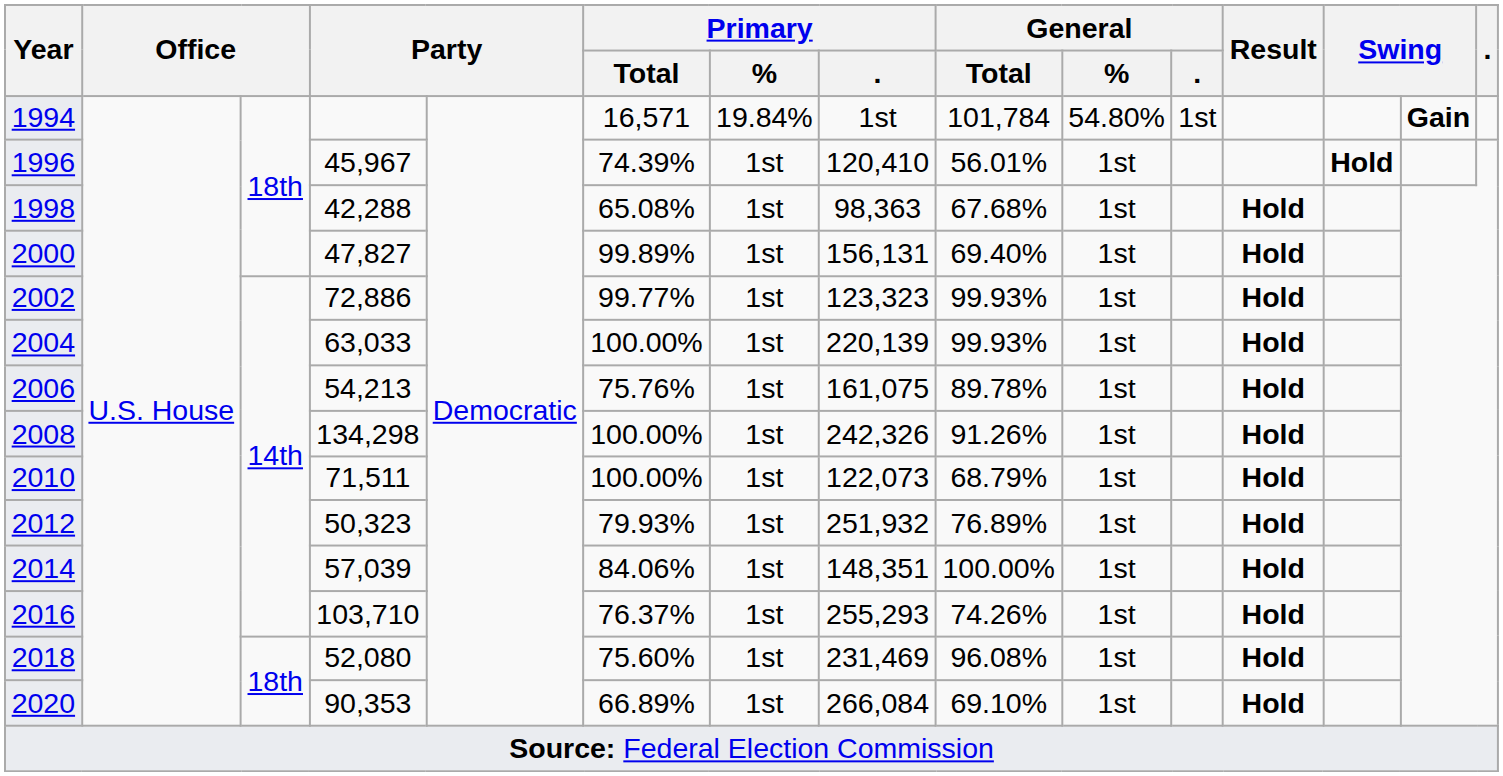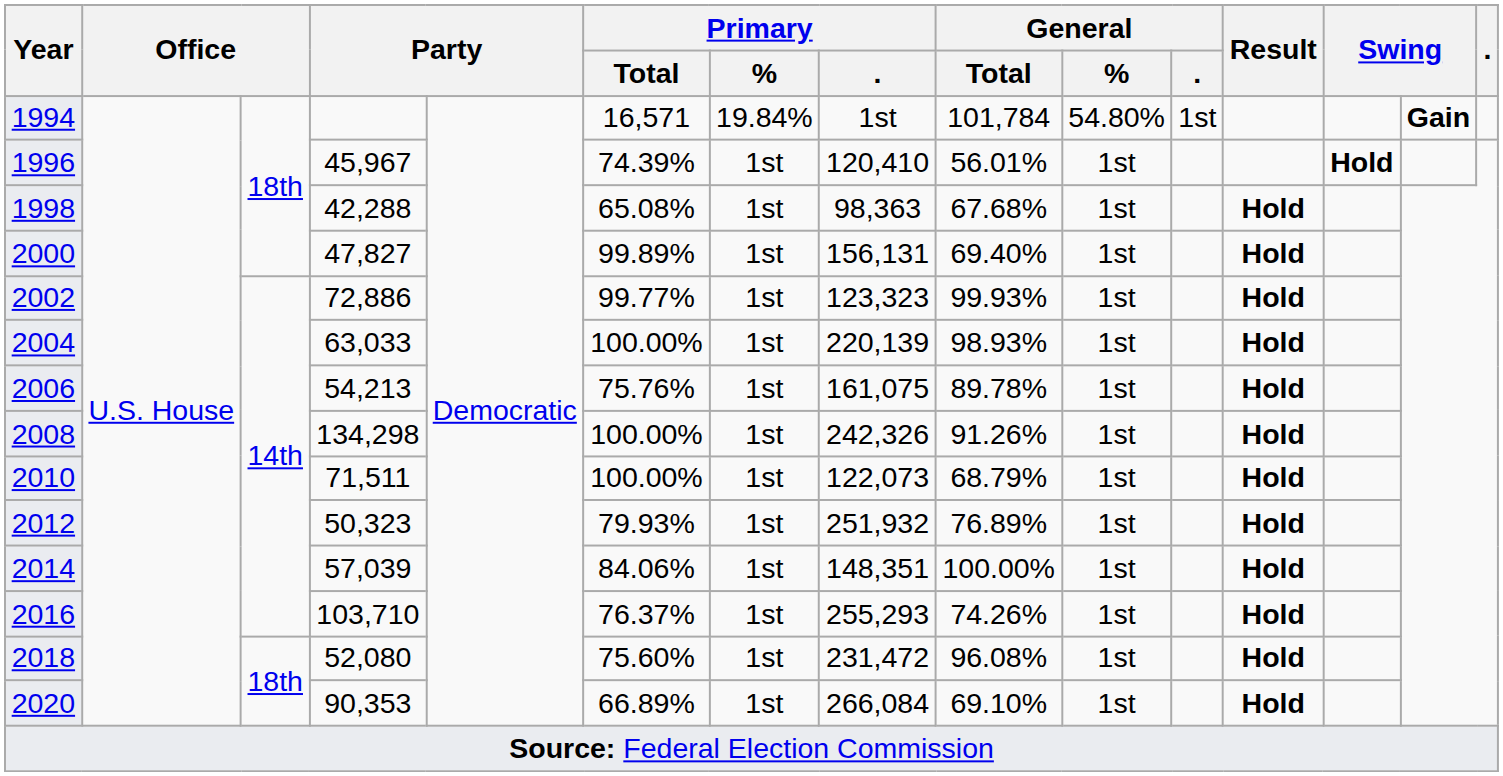 <table class="wikitable" style="font-size: 90%; text-align:center;">
 <tr>
 <th rowspan=2>Year</th>
 <th colspan=2 rowspan=2>Office</th>
 <th colspan=2 rowspan=2>Party</th>
 <th colspan=3><a href='#'>Primary</a></th>
 <th colspan=3>General</th>
 <th rowspan=2>Result</th>
 <th colspan=2 rowspan=2><a href='#'>Swing</a></th>
 <th rowspan=2>.</th>
 </tr>
 <tr>
 <th>Total</th>
 <th>%</th>
 <th>.</th>
 <th>Total</th>
 <th>%</th>
 <th>.</th>
 </tr>
 <tr>
 <td style="background-color:#EAECF0;"><a href='#'>1994</a></td>
 <td rowspan=14><a href='#'>U.S. House</a></td>
 <td rowspan=4><a href='#'>18th</a></td>
 <td style="background-color:"></td>
 <td rowspan=14><a href='#'>Democratic</a></td>
 <td>16,571</td>
 <td>19.84%</td>
 <td>1st</td>
 <td>101,784</td>
 <td>54.80%</td>
 <td>1st</td>
 <td></td>
 <td style="background-color:"></td>
 <td><strong>Gain</strong></td>
 <td></td>
 </tr>
 <tr>
 <td style="background-color:#EAECF0;"><a href='#'>1996</a></td>
 <td>45,967</td>
 <td>74.39%</td>
 <td>1st</td>
 <td>120,410</td>
 <td>56.01%</td>
 <td>1st</td>
 <td></td>
 <td style="background-color:"></td>
 <td><strong>Hold</strong></td>
 <td></td>
 </tr>
 <tr>
 <td style="background-color:#EAECF0;"><a href='#'>1998</a></td>
 <td>42,288</td>
 <td>65.08%</td>
 <td>1st</td>
 <td>98,363</td>
 <td>67.68%</td>
 <td>1st</td>
 <td></td>
 <td><strong>Hold</strong></td>
 <td></td>
 </tr>
 <tr>
 <td style="background-color:#EAECF0;"><a href='#'>2000</a></td>
 <td>47,827</td>
 <td>99.89%</td>
 <td>1st</td>
 <td>156,131</td>
 <td>69.40%</td>
 <td>1st</td>
 <td></td>
 <td><strong>Hold</strong></td>
 <td></td>
 </tr>
 <tr>
 <td style="background-color:#EAECF0;"><a href='#'>2002</a></td>
 <td rowspan=8><a href='#'>14th</a></td>
 <td>72,886</td>
 <td>99.77%</td>
 <td>1st</td>
 <td>123,323</td>
 <td>99.93%</td>
 <td>1st</td>
 <td></td>
 <td><strong>Hold</strong></td>
 <td></td>
 </tr>
 <tr>
 <td style="background-color:#EAECF0;"><a href='#'>2004</a></td>
 <td>63,033</td>
 <td>100.00%</td>
 <td>1st</td>
 <td>220,139</td>
-<td>99.93%</td>
+<td>98.93%</td>
 <td>1st</td>
 <td></td>
 <td><strong>Hold</strong></td>
 <td></td>
 </tr>
 <tr>
 <td style="background-color:#EAECF0;"><a href='#'>2006</a></td>
 <td>54,213</td>
 <td>75.76%</td>
 <td>1st</td>
 <td>161,075</td>
 <td>89.78%</td>
 <td>1st</td>
 <td></td>
 <td><strong>Hold</strong></td>
 <td></td>
 </tr>
 <tr>
 <td style="background-color:#EAECF0;"><a href='#'>2008</a></td>
 <td>134,298</td>
 <td>100.00%</td>
 <td>1st</td>
 <td>242,326</td>
 <td>91.26%</td>
 <td>1st</td>
 <td></td>
 <td><strong>Hold</strong></td>
 <td></td>
 </tr>
 <tr>
 <td style="background-color:#EAECF0;"><a href='#'>2010</a></td>
 <td>71,511</td>
 <td>100.00%</td>
 <td>1st</td>
 <td>122,073</td>
 <td>68.79%</td>
 <td>1st</td>
 <td></td>
 <td><strong>Hold</strong></td>
 <td></td>
 </tr>
 <tr>
 <td style="background-color:#EAECF0;"><a href='#'>2012</a></td>
 <td>50,323</td>
 <td>79.93%</td>
 <td>1st</td>
 <td>251,932</td>
 <td>76.89%</td>
 <td>1st</td>
 <td></td>
 <td><strong>Hold</strong></td>
 <td></td>
 </tr>
 <tr>
 <td style="background-color:#EAECF0;"><a href='#'>2014</a></td>
 <td>57,039</td>
 <td>84.06%</td>
 <td>1st</td>
 <td>148,351</td>
 <td>100.00%</td>
 <td>1st</td>
 <td></td>
 <td><strong>Hold</strong></td>
 <td></td>
 </tr>
 <tr>
 <td style="background-color:#EAECF0;"><a href='#'>2016</a></td>
 <td>103,710</td>
 <td>76.37%</td>
 <td>1st</td>
 <td>255,293</td>
 <td>74.26%</td>
 <td>1st</td>
 <td></td>
 <td><strong>Hold</strong></td>
 <td></td>
 </tr>
 <tr>
 <td style="background-color:#EAECF0;"><a href='#'>2018</a></td>
 <td rowspan=2><a href='#'>18th</a></td>
 <td>52,080</td>
 <td>75.60%</td>
 <td>1st</td>
-<td>231,469</td>
+<td>231,472</td>
 <td>96.08%</td>
 <td>1st</td>
 <td></td>
 <td><strong>Hold</strong></td>
 <td></td>
 </tr>
 <tr>
 <td style="background-color:#EAECF0;"><a href='#'>2020</a></td>
 <td>90,353</td>
 <td>66.89%</td>
 <td>1st</td>
 <td>266,084</td>
 <td>69.10%</td>
 <td>1st</td>
 <td></td>
 <td><strong>Hold</strong></td>
 <td></td>
 </tr>
 <tr>
 <td style="background-color:#EAECF0;" colspan=15><strong>Source:</strong> <a href='#'>Federal Election Commission</a>  </td>
 </tr>
 </table>
